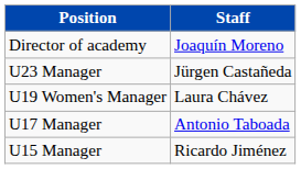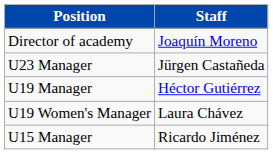 <table class="wikitable sortable">
 <tr>
 <th style="background-color:#0046AD;color:#FFFFFF;">Position</th>
 <th style="background-color:#0046AD;color:#FFFFFF;">Staff</th>
 </tr>
 <tr>
 <td>Director of academy</td>
 <td> <a href='#'>Joaquín Moreno</a></td>
 </tr>
 <tr>
 <td>U23 Manager</td>
 <td> Jürgen Castañeda</td>
 </tr>
 <tr>
+<td>U19 Manager</td>
+<td> <a href='#'>Héctor Gutiérrez</a></td>
+</tr>
+<tr>
 <td>U19 Women's Manager</td>
 <td> Laura Chávez</td>
-</tr>
-<tr>
-<td>U17 Manager</td>
-<td> <a href='#'>Antonio Taboada</a></td>
 </tr>
 <tr>
 <td>U15 Manager</td>
 <td> Ricardo Jiménez</td>
 </tr>
 </table>
